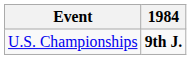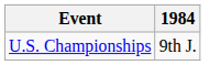 <table class="wikitable" style="text-align:center">
 <tr>
 <th>Event</th>
 <th>1984</th>
 </tr>
 <tr>
 <td align=left><a href='#'>U.S. Championships</a></td>
-<td><strong>9th J.</strong></td>
+<td>9th J.</td>
 </tr>
 </table>
